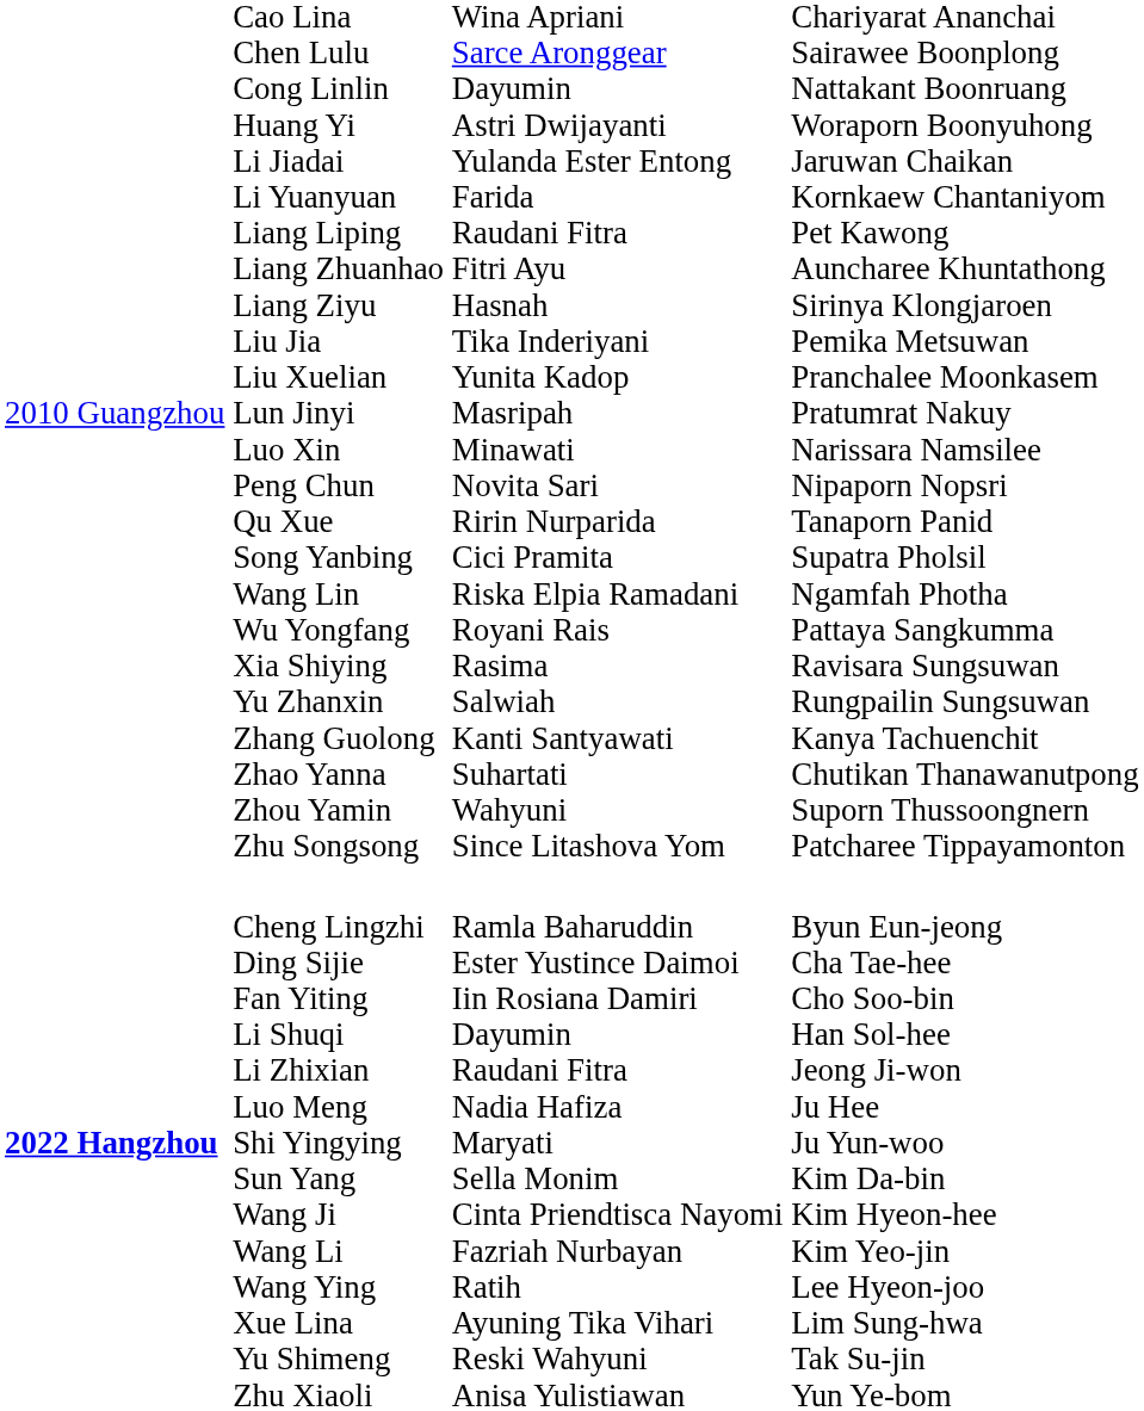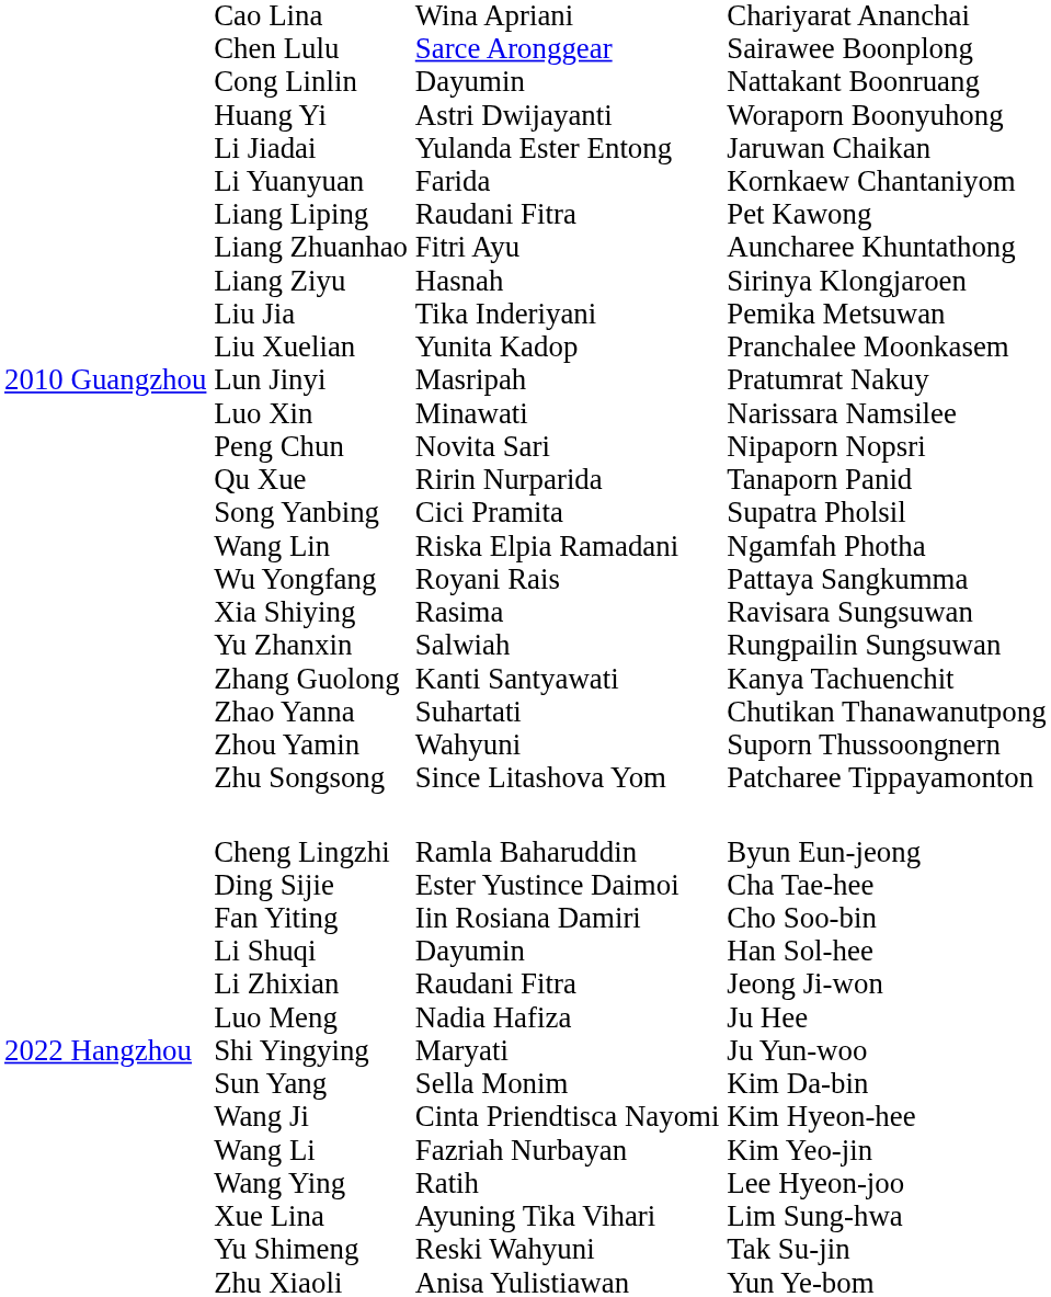 <table>
 <tr>
 <td><a href='#'>2010 Guangzhou</a></td>
 <td><br>Cao Lina<br>Chen Lulu<br>Cong Linlin<br>Huang Yi<br>Li Jiadai<br>Li Yuanyuan<br>Liang Liping<br>Liang Zhuanhao<br>Liang Ziyu<br>Liu Jia<br>Liu Xuelian<br>Lun Jinyi<br>Luo Xin<br>Peng Chun<br>Qu Xue<br>Song Yanbing<br>Wang Lin<br>Wu Yongfang<br>Xia Shiying<br>Yu Zhanxin<br>Zhang Guolong<br>Zhao Yanna<br>Zhou Yamin<br>Zhu Songsong</td>
 <td><br>Wina Apriani<br><a href='#'>Sarce Aronggear</a><br>Dayumin<br>Astri Dwijayanti<br>Yulanda Ester Entong<br>Farida<br>Raudani Fitra<br>Fitri Ayu<br>Hasnah<br>Tika Inderiyani<br>Yunita Kadop<br>Masripah<br>Minawati<br>Novita Sari<br>Ririn Nurparida<br>Cici Pramita<br>Riska Elpia Ramadani<br>Royani Rais<br>Rasima<br>Salwiah<br>Kanti Santyawati<br>Suhartati<br>Wahyuni<br>Since Litashova Yom</td>
 <td><br>Chariyarat Ananchai<br>Sairawee Boonplong<br>Nattakant Boonruang<br>Woraporn Boonyuhong<br>Jaruwan Chaikan<br>Kornkaew Chantaniyom<br>Pet Kawong<br>Auncharee Khuntathong<br>Sirinya Klongjaroen<br>Pemika Metsuwan<br>Pranchalee Moonkasem<br>Pratumrat Nakuy<br>Narissara Namsilee<br>Nipaporn Nopsri<br>Tanaporn Panid<br>Supatra Pholsil<br>Ngamfah Photha<br>Pattaya Sangkumma<br>Ravisara Sungsuwan<br>Rungpailin Sungsuwan<br>Kanya Tachuenchit<br>Chutikan Thanawanutpong<br>Suporn Thussoongnern<br>Patcharee Tippayamonton</td>
 </tr>
 <tr>
-<td><strong><a href='#'>2022 Hangzhou</a></strong></td>
+<td><a href='#'>2022 Hangzhou</a></td>
 <td><br>Cheng Lingzhi<br>Ding Sijie<br>Fan Yiting<br>Li Shuqi<br>Li Zhixian<br>Luo Meng<br>Shi Yingying<br>Sun Yang<br>Wang Ji<br>Wang Li<br>Wang Ying<br>Xue Lina<br>Yu Shimeng<br>Zhu Xiaoli</td>
 <td><br>Ramla Baharuddin<br>Ester Yustince Daimoi<br>Iin Rosiana Damiri<br>Dayumin<br>Raudani Fitra<br>Nadia Hafiza<br>Maryati<br>Sella Monim<br>Cinta Priendtisca Nayomi<br>Fazriah Nurbayan<br>Ratih<br>Ayuning Tika Vihari<br>Reski Wahyuni<br>Anisa Yulistiawan</td>
 <td><br>Byun Eun-jeong<br>Cha Tae-hee<br>Cho Soo-bin<br>Han Sol-hee<br>Jeong Ji-won<br>Ju Hee<br>Ju Yun-woo<br>Kim Da-bin<br>Kim Hyeon-hee<br>Kim Yeo-jin<br>Lee Hyeon-joo<br>Lim Sung-hwa<br>Tak Su-jin<br>Yun Ye-bom</td>
 </tr>
 </table>
